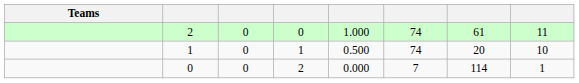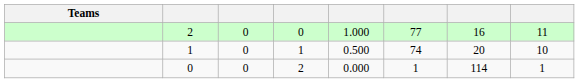 <table class="wikitable" width="50%" style="text-align:center;">
 <tr>
 <th width="20%">Teams</th>
 <th width="7%"></th>
 <th width="7%"></th>
 <th width="7%"></th>
 <th width="7%"></th>
 <th width="8%"></th>
 <th width="8%"></th>
 <th width="8%"></th>
 </tr>
 <tr bgcolor="ccffcc">
 <td align=left></td>
 <td>2</td>
 <td>0</td>
 <td>0</td>
 <td>1.000</td>
-<td>74</td>
-<td>61</td>
+<td>77</td>
+<td>16</td>
 <td>11</td>
 </tr>
 <tr>
 <td align=left></td>
 <td>1</td>
 <td>0</td>
 <td>1</td>
 <td>0.500</td>
 <td>74</td>
 <td>20</td>
 <td>10</td>
 </tr>
 <tr>
 <td align=left></td>
 <td>0</td>
 <td>0</td>
 <td>2</td>
 <td>0.000</td>
-<td>7</td>
+<td>1</td>
 <td>114</td>
 <td>1</td>
 </tr>
 </table>
